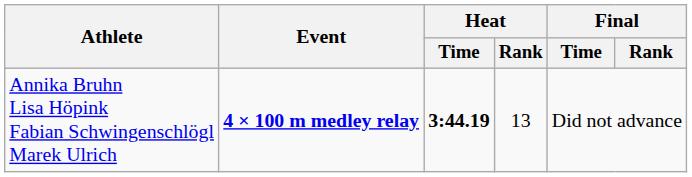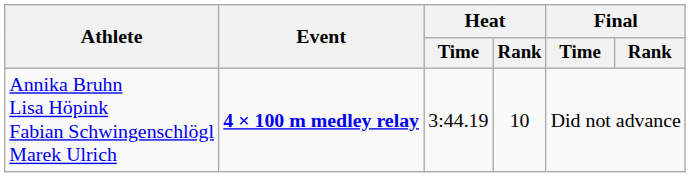 <table class=wikitable style="font-size:90%">
 <tr>
 <th rowspan="2">Athlete</th>
 <th rowspan="2">Event</th>
 <th colspan="2">Heat</th>
 <th colspan="2">Final</th>
 </tr>
 <tr style="font-size:95%">
 <th>Time</th>
 <th>Rank</th>
 <th>Time</th>
 <th>Rank</th>
 </tr>
 <tr align=center>
 <td align=left><a href='#'>Annika Bruhn</a><br><a href='#'>Lisa Höpink</a><br><a href='#'>Fabian Schwingenschlögl</a><br><a href='#'>Marek Ulrich</a></td>
 <td align=left><strong><a href='#'>4 × 100 m medley relay</a></strong></td>
-<td><strong>3:44.19</strong></td>
-<td>13</td>
+<td>3:44.19</td>
+<td>10</td>
 <td colspan="2">Did not advance</td>
 </tr>
 </table>
